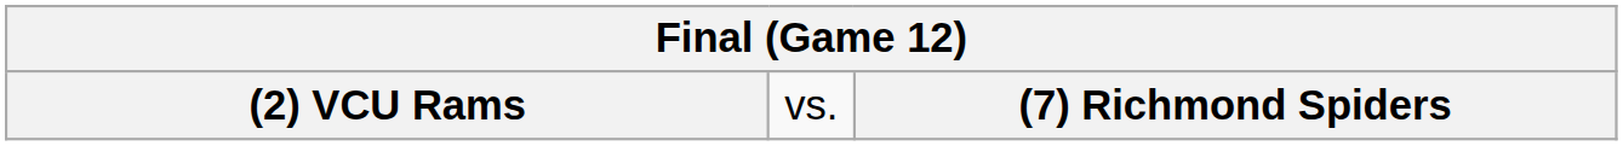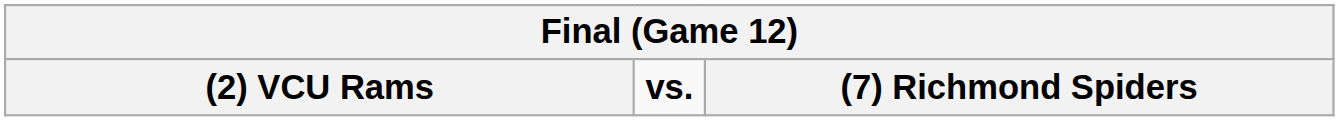 <table class="wikitable">
 <tr>
 <th style="width: 594px;" colspan=3>Final (Game 12)</th>
 </tr>
 <tr>
 <th style="width: 284px; ">(2) VCU Rams</th>
-<td style="width: 25px; text-align:center">vs.</td>
+<td style="width: 25px; text-align:center"><strong>vs.</strong></td>
 <th style="width: 284px; ">(7) Richmond Spiders</th>
 </tr>
 </table>
